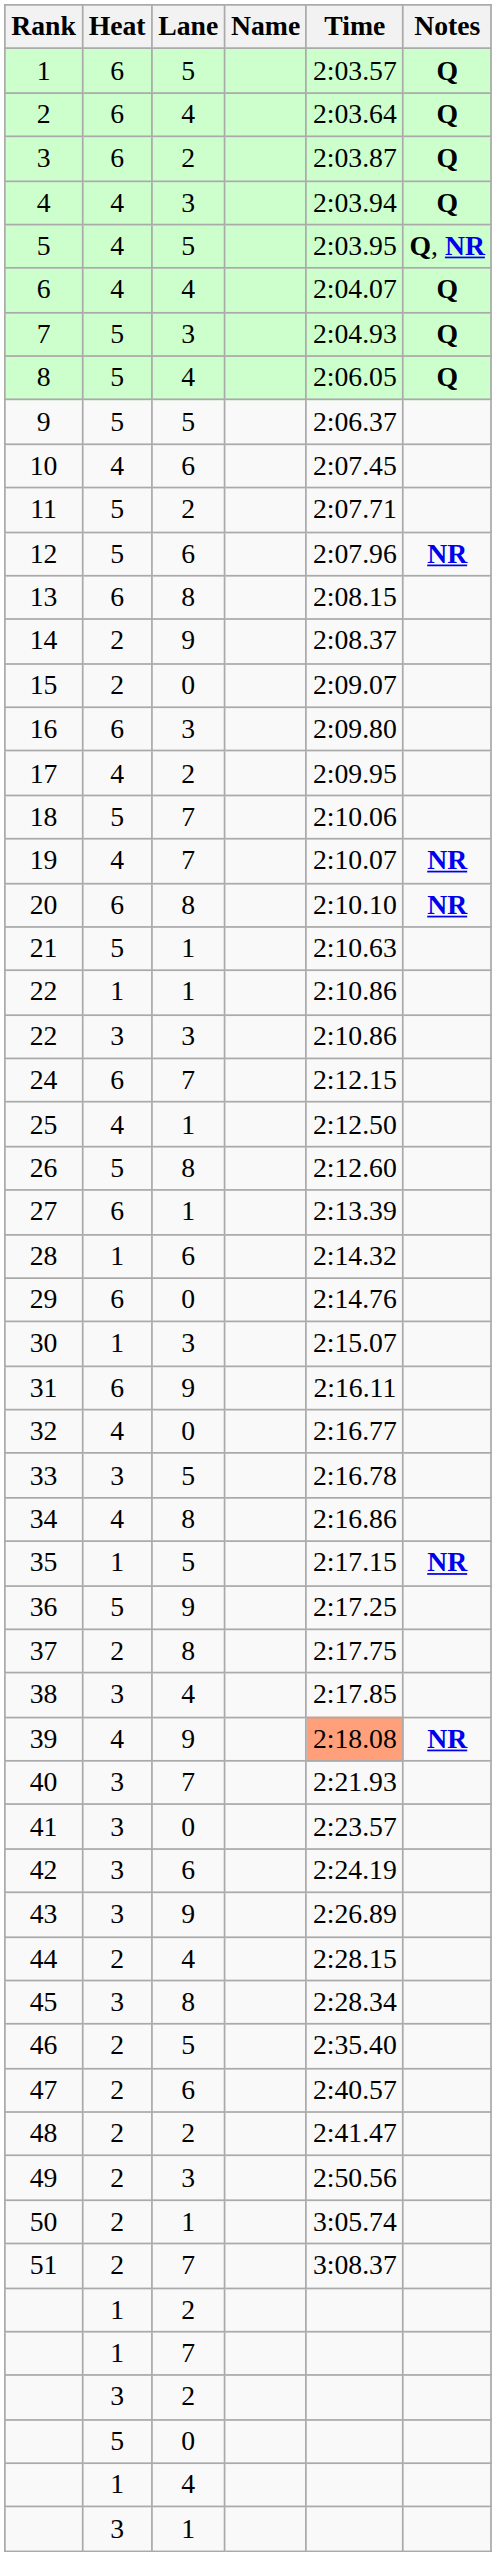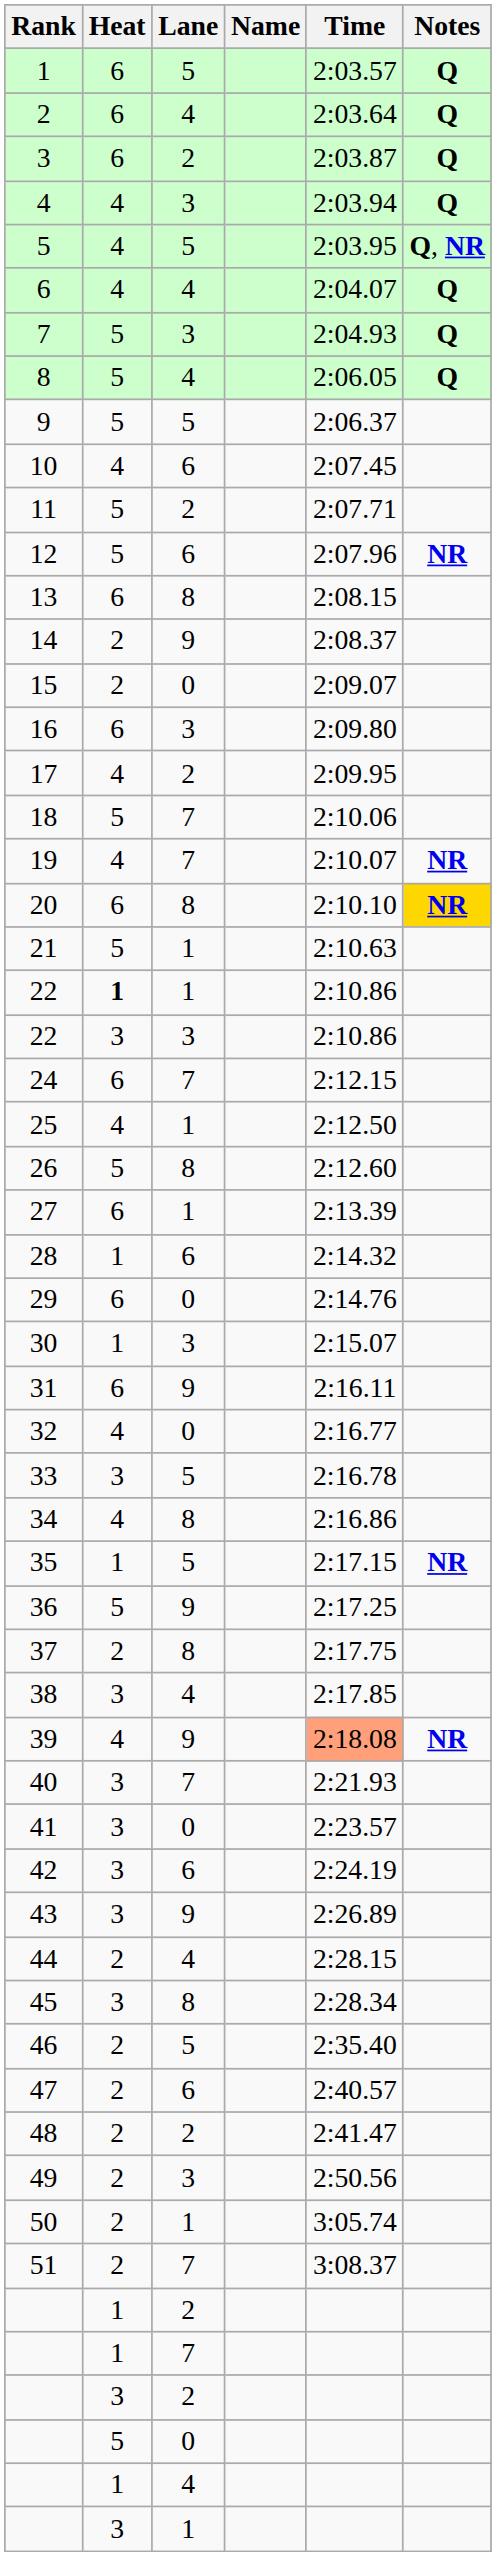 <table class="wikitable sortable" style="text-align:center">
 <tr>
 <th>Rank</th>
 <th>Heat</th>
 <th>Lane</th>
 <th>Name</th>
 <th>Time</th>
 <th>Notes</th>
 </tr>
 <tr bgcolor=ccffcc>
 <td>1</td>
 <td>6</td>
 <td>5</td>
 <td align=left></td>
 <td>2:03.57</td>
 <td><strong>Q</strong></td>
 </tr>
 <tr bgcolor=ccffcc>
 <td>2</td>
 <td>6</td>
 <td>4</td>
 <td align=left></td>
 <td>2:03.64</td>
 <td><strong>Q</strong></td>
 </tr>
 <tr bgcolor=ccffcc>
 <td>3</td>
 <td>6</td>
 <td>2</td>
 <td align=left></td>
 <td>2:03.87</td>
 <td><strong>Q</strong></td>
 </tr>
 <tr bgcolor=ccffcc>
 <td>4</td>
 <td>4</td>
 <td>3</td>
 <td align=left></td>
 <td>2:03.94</td>
 <td><strong>Q</strong></td>
 </tr>
 <tr bgcolor=ccffcc>
 <td>5</td>
 <td>4</td>
 <td>5</td>
 <td align=left></td>
 <td>2:03.95</td>
 <td><strong>Q</strong>, <strong><a href='#'>NR</a></strong></td>
 </tr>
 <tr bgcolor=ccffcc>
 <td>6</td>
 <td>4</td>
 <td>4</td>
 <td align=left></td>
 <td>2:04.07</td>
 <td><strong>Q</strong></td>
 </tr>
 <tr bgcolor=ccffcc>
 <td>7</td>
 <td>5</td>
 <td>3</td>
 <td align=left></td>
 <td>2:04.93</td>
 <td><strong>Q</strong></td>
 </tr>
 <tr bgcolor=ccffcc>
 <td>8</td>
 <td>5</td>
 <td>4</td>
 <td align=left></td>
 <td>2:06.05</td>
 <td><strong>Q</strong></td>
 </tr>
 <tr>
 <td>9</td>
 <td>5</td>
 <td>5</td>
 <td align=left></td>
 <td>2:06.37</td>
 <td></td>
 </tr>
 <tr>
 <td>10</td>
 <td>4</td>
 <td>6</td>
 <td align=left></td>
 <td>2:07.45</td>
 <td></td>
 </tr>
 <tr>
 <td>11</td>
 <td>5</td>
 <td>2</td>
 <td align=left></td>
 <td>2:07.71</td>
 <td></td>
 </tr>
 <tr>
 <td>12</td>
 <td>5</td>
 <td>6</td>
 <td align=left></td>
 <td>2:07.96</td>
 <td><strong><a href='#'>NR</a></strong></td>
 </tr>
 <tr>
 <td>13</td>
 <td>6</td>
 <td>8</td>
 <td align=left></td>
 <td>2:08.15</td>
 <td></td>
 </tr>
 <tr>
 <td>14</td>
 <td>2</td>
 <td>9</td>
 <td align=left></td>
 <td>2:08.37</td>
 <td></td>
 </tr>
 <tr>
 <td>15</td>
 <td>2</td>
 <td>0</td>
 <td align=left></td>
 <td>2:09.07</td>
 <td></td>
 </tr>
 <tr>
 <td>16</td>
 <td>6</td>
 <td>3</td>
 <td align=left></td>
 <td>2:09.80</td>
 <td></td>
 </tr>
 <tr>
 <td>17</td>
 <td>4</td>
 <td>2</td>
 <td align=left></td>
 <td>2:09.95</td>
 <td></td>
 </tr>
 <tr>
 <td>18</td>
 <td>5</td>
 <td>7</td>
 <td align=left></td>
 <td>2:10.06</td>
 <td></td>
 </tr>
 <tr>
 <td>19</td>
 <td>4</td>
 <td>7</td>
 <td align=left></td>
 <td>2:10.07</td>
 <td><strong><a href='#'>NR</a></strong></td>
 </tr>
 <tr>
 <td>20</td>
 <td>6</td>
 <td>8</td>
 <td align=left></td>
 <td>2:10.10</td>
-<td><strong><a href='#'>NR</a></strong></td>
+<td style="background: gold;"><strong><a href='#'>NR</a></strong></td>
 </tr>
 <tr>
 <td>21</td>
 <td>5</td>
 <td>1</td>
 <td align=left></td>
 <td>2:10.63</td>
 <td></td>
 </tr>
 <tr>
 <td>22</td>
-<td>1</td>
+<td><strong>1</strong></td>
 <td>1</td>
 <td align=left></td>
 <td>2:10.86</td>
 <td></td>
 </tr>
 <tr>
 <td>22</td>
 <td>3</td>
 <td>3</td>
 <td align=left></td>
 <td>2:10.86</td>
 <td></td>
 </tr>
 <tr>
 <td>24</td>
 <td>6</td>
 <td>7</td>
 <td align=left></td>
 <td>2:12.15</td>
 <td></td>
 </tr>
 <tr>
 <td>25</td>
 <td>4</td>
 <td>1</td>
 <td align=left></td>
 <td>2:12.50</td>
 <td></td>
 </tr>
 <tr>
 <td>26</td>
 <td>5</td>
 <td>8</td>
 <td align=left></td>
 <td>2:12.60</td>
 <td></td>
 </tr>
 <tr>
 <td>27</td>
 <td>6</td>
 <td>1</td>
 <td align=left></td>
 <td>2:13.39</td>
 <td></td>
 </tr>
 <tr>
 <td>28</td>
 <td>1</td>
 <td>6</td>
 <td align=left></td>
 <td>2:14.32</td>
 <td></td>
 </tr>
 <tr>
 <td>29</td>
 <td>6</td>
 <td>0</td>
 <td align=left></td>
 <td>2:14.76</td>
 <td></td>
 </tr>
 <tr>
 <td>30</td>
 <td>1</td>
 <td>3</td>
 <td align=left></td>
 <td>2:15.07</td>
 <td></td>
 </tr>
 <tr>
 <td>31</td>
 <td>6</td>
 <td>9</td>
 <td align=left></td>
 <td>2:16.11</td>
 <td></td>
 </tr>
 <tr>
 <td>32</td>
 <td>4</td>
 <td>0</td>
 <td align=left></td>
 <td>2:16.77</td>
 <td></td>
 </tr>
 <tr>
 <td>33</td>
 <td>3</td>
 <td>5</td>
 <td align=left></td>
 <td>2:16.78</td>
 <td></td>
 </tr>
 <tr>
 <td>34</td>
 <td>4</td>
 <td>8</td>
 <td align=left></td>
 <td>2:16.86</td>
 <td></td>
 </tr>
 <tr>
 <td>35</td>
 <td>1</td>
 <td>5</td>
 <td align=left></td>
 <td>2:17.15</td>
 <td><strong><a href='#'>NR</a></strong></td>
 </tr>
 <tr>
 <td>36</td>
 <td>5</td>
 <td>9</td>
 <td align=left></td>
 <td>2:17.25</td>
 <td></td>
 </tr>
 <tr>
 <td>37</td>
 <td>2</td>
 <td>8</td>
 <td align=left></td>
 <td>2:17.75</td>
 <td></td>
 </tr>
 <tr>
 <td>38</td>
 <td>3</td>
 <td>4</td>
 <td align=left></td>
 <td>2:17.85</td>
 <td></td>
 </tr>
 <tr>
 <td>39</td>
 <td>4</td>
 <td>9</td>
 <td align=left></td>
 <td style="background: lightsalmon;">2:18.08</td>
 <td><strong><a href='#'>NR</a></strong></td>
 </tr>
 <tr>
 <td>40</td>
 <td>3</td>
 <td>7</td>
 <td align=left></td>
 <td>2:21.93</td>
 <td></td>
 </tr>
 <tr>
 <td>41</td>
 <td>3</td>
 <td>0</td>
 <td align=left></td>
 <td>2:23.57</td>
 <td></td>
 </tr>
 <tr>
 <td>42</td>
 <td>3</td>
 <td>6</td>
 <td align=left></td>
 <td>2:24.19</td>
 <td></td>
 </tr>
 <tr>
 <td>43</td>
 <td>3</td>
 <td>9</td>
 <td align=left></td>
 <td>2:26.89</td>
 <td></td>
 </tr>
 <tr>
 <td>44</td>
 <td>2</td>
 <td>4</td>
 <td align=left></td>
 <td>2:28.15</td>
 <td></td>
 </tr>
 <tr>
 <td>45</td>
 <td>3</td>
 <td>8</td>
 <td align=left></td>
 <td>2:28.34</td>
 <td></td>
 </tr>
 <tr>
 <td>46</td>
 <td>2</td>
 <td>5</td>
 <td align=left></td>
 <td>2:35.40</td>
 <td></td>
 </tr>
 <tr>
 <td>47</td>
 <td>2</td>
 <td>6</td>
 <td align=left></td>
 <td>2:40.57</td>
 <td></td>
 </tr>
 <tr>
 <td>48</td>
 <td>2</td>
 <td>2</td>
 <td align=left></td>
 <td>2:41.47</td>
 <td></td>
 </tr>
 <tr>
 <td>49</td>
 <td>2</td>
 <td>3</td>
 <td align=left></td>
 <td>2:50.56</td>
 <td></td>
 </tr>
 <tr>
 <td>50</td>
 <td>2</td>
 <td>1</td>
 <td align=left></td>
 <td>3:05.74</td>
 <td></td>
 </tr>
 <tr>
 <td>51</td>
 <td>2</td>
 <td>7</td>
 <td align=left></td>
 <td>3:08.37</td>
 <td></td>
 </tr>
 <tr>
 <td></td>
 <td>1</td>
 <td>2</td>
 <td align=left></td>
 <td></td>
 <td></td>
 </tr>
 <tr>
 <td></td>
 <td>1</td>
 <td>7</td>
 <td align=left></td>
 <td></td>
 <td></td>
 </tr>
 <tr>
 <td></td>
 <td>3</td>
 <td>2</td>
 <td align=left></td>
 <td></td>
 <td></td>
 </tr>
 <tr>
 <td></td>
 <td>5</td>
 <td>0</td>
 <td align=left></td>
 <td></td>
 <td></td>
 </tr>
 <tr>
 <td></td>
 <td>1</td>
 <td>4</td>
 <td align=left></td>
 <td></td>
 <td></td>
 </tr>
 <tr>
 <td></td>
 <td>3</td>
 <td>1</td>
 <td align=left></td>
 <td></td>
 <td></td>
 </tr>
 </table>
